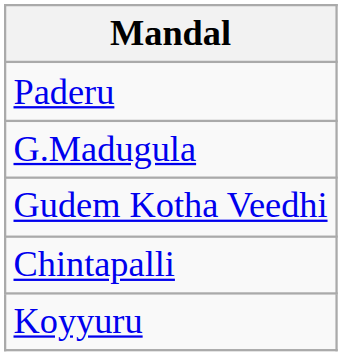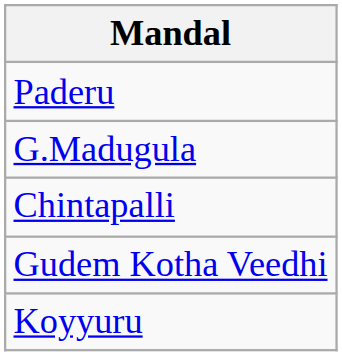 <table class="wikitable sortable static-row-numbers static-row-header-hash">
 <tr>
 <th>Mandal</th>
 </tr>
 <tr>
 <td><a href='#'>Paderu</a></td>
 </tr>
 <tr>
 <td><a href='#'>G.Madugula</a></td>
 </tr>
 <tr>
-<td><a href='#'>Gudem Kotha Veedhi</a></td>
+<td><a href='#'>Chintapalli</a></td>
 </tr>
 <tr>
-<td><a href='#'>Chintapalli</a></td>
+<td><a href='#'>Gudem Kotha Veedhi</a></td>
 </tr>
 <tr>
 <td><a href='#'>Koyyuru</a></td>
 </tr>
 </table>
